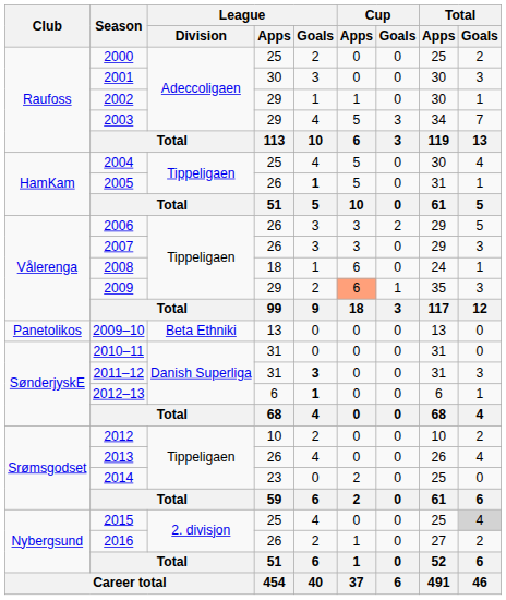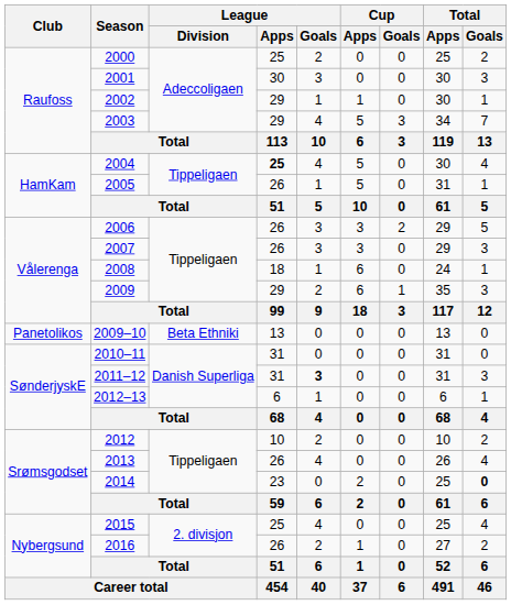 <table class="wikitable" style="text-align:center">
 <tr>
 <th rowspan="2">Club</th>
 <th rowspan="2">Season</th>
 <th colspan="3">League</th>
 <th colspan="2">Cup</th>
 <th colspan="2">Total</th>
 </tr>
 <tr>
 <th>Division</th>
 <th>Apps</th>
 <th>Goals</th>
 <th>Apps</th>
 <th>Goals</th>
 <th>Apps</th>
 <th>Goals</th>
 </tr>
 <tr>
 <td rowspan="5"><a href='#'>Raufoss</a></td>
 <td><a href='#'>2000</a></td>
 <td rowspan="4"><a href='#'>Adeccoligaen</a></td>
 <td>25</td>
 <td>2</td>
 <td>0</td>
 <td>0</td>
 <td>25</td>
 <td>2</td>
 </tr>
 <tr>
 <td><a href='#'>2001</a></td>
 <td>30</td>
 <td>3</td>
 <td>0</td>
 <td>0</td>
 <td>30</td>
 <td>3</td>
 </tr>
 <tr>
 <td><a href='#'>2002</a></td>
 <td>29</td>
 <td>1</td>
 <td>1</td>
 <td>0</td>
 <td>30</td>
 <td>1</td>
 </tr>
 <tr>
 <td><a href='#'>2003</a></td>
 <td>29</td>
 <td>4</td>
 <td>5</td>
 <td>3</td>
 <td>34</td>
 <td>7</td>
 </tr>
 <tr>
 <th colspan="2">Total</th>
 <th>113</th>
 <th>10</th>
 <th>6</th>
 <th>3</th>
 <th>119</th>
 <th>13</th>
 </tr>
 <tr>
 <td rowspan="3"><a href='#'>HamKam</a></td>
 <td><a href='#'>2004</a></td>
 <td rowspan="2"><a href='#'>Tippeligaen</a></td>
-<td>25</td>
+<td><strong>25</strong></td>
 <td>4</td>
 <td>5</td>
 <td>0</td>
 <td>30</td>
 <td>4</td>
 </tr>
 <tr>
 <td><a href='#'>2005</a></td>
 <td>26</td>
-<td><strong>1</strong></td>
+<td>1</td>
 <td>5</td>
 <td>0</td>
 <td>31</td>
 <td>1</td>
 </tr>
 <tr>
 <th colspan="2">Total</th>
 <th>51</th>
 <th>5</th>
 <th>10</th>
 <th>0</th>
 <th>61</th>
 <th>5</th>
 </tr>
 <tr>
 <td rowspan="5"><a href='#'>Vålerenga</a></td>
 <td><a href='#'>2006</a></td>
 <td rowspan="4">Tippeligaen</td>
 <td>26</td>
 <td>3</td>
 <td>3</td>
 <td>2</td>
 <td>29</td>
 <td>5</td>
 </tr>
 <tr>
 <td><a href='#'>2007</a></td>
 <td>26</td>
 <td>3</td>
 <td>3</td>
 <td>0</td>
 <td>29</td>
 <td>3</td>
 </tr>
 <tr>
 <td><a href='#'>2008</a></td>
 <td>18</td>
 <td>1</td>
 <td>6</td>
 <td>0</td>
 <td>24</td>
 <td>1</td>
 </tr>
 <tr>
 <td><a href='#'>2009</a></td>
 <td>29</td>
 <td>2</td>
-<td style="background: lightsalmon;">6</td>
+<td>6</td>
 <td>1</td>
 <td>35</td>
 <td>3</td>
 </tr>
 <tr>
 <th colspan="2">Total</th>
 <th>99</th>
 <th>9</th>
 <th>18</th>
 <th>3</th>
 <th>117</th>
 <th>12</th>
 </tr>
 <tr>
 <td><a href='#'>Panetolikos</a></td>
 <td><a href='#'>2009–10</a></td>
 <td><a href='#'>Beta Ethniki</a></td>
 <td>13</td>
 <td>0</td>
 <td>0</td>
 <td>0</td>
 <td>13</td>
 <td>0</td>
 </tr>
 <tr>
 <td rowspan="4"><a href='#'>SønderjyskE</a></td>
 <td><a href='#'>2010–11</a></td>
 <td rowspan="3"><a href='#'>Danish Superliga</a></td>
 <td>31</td>
 <td>0</td>
 <td>0</td>
 <td>0</td>
 <td>31</td>
 <td>0</td>
 </tr>
 <tr>
 <td><a href='#'>2011–12</a></td>
 <td>31</td>
 <td><strong>3</strong></td>
 <td>0</td>
 <td>0</td>
 <td>31</td>
 <td>3</td>
 </tr>
 <tr>
 <td><a href='#'>2012–13</a></td>
 <td>6</td>
-<td><strong>1</strong></td>
+<td>1</td>
 <td>0</td>
 <td>0</td>
 <td>6</td>
 <td>1</td>
 </tr>
 <tr>
 <th colspan="2">Total</th>
 <th>68</th>
 <th>4</th>
 <th>0</th>
 <th>0</th>
 <th>68</th>
 <th>4</th>
 </tr>
 <tr>
 <td rowspan="4"><a href='#'>Srømsgodset</a></td>
 <td><a href='#'>2012</a></td>
 <td rowspan="3">Tippeligaen</td>
 <td>10</td>
 <td>2</td>
 <td>0</td>
 <td>0</td>
 <td>10</td>
 <td>2</td>
 </tr>
 <tr>
 <td><a href='#'>2013</a></td>
 <td>26</td>
 <td>4</td>
 <td>0</td>
 <td>0</td>
 <td>26</td>
 <td>4</td>
 </tr>
 <tr>
 <td><a href='#'>2014</a></td>
 <td>23</td>
 <td>0</td>
 <td>2</td>
 <td>0</td>
 <td>25</td>
-<td>0</td>
+<td><strong>0</strong></td>
 </tr>
 <tr>
 <th colspan="2">Total</th>
 <th>59</th>
 <th>6</th>
 <th>2</th>
 <th>0</th>
 <th>61</th>
 <th>6</th>
 </tr>
 <tr>
 <td rowspan="3"><a href='#'>Nybergsund</a></td>
 <td><a href='#'>2015</a></td>
 <td rowspan="2"><a href='#'>2. divisjon</a></td>
 <td>25</td>
 <td>4</td>
 <td>0</td>
 <td>0</td>
 <td>25</td>
-<td style="background: lightgrey;">4</td>
+<td>4</td>
 </tr>
 <tr>
 <td><a href='#'>2016</a></td>
 <td>26</td>
 <td>2</td>
 <td>1</td>
 <td>0</td>
 <td>27</td>
 <td>2</td>
 </tr>
 <tr>
 <th colspan="2">Total</th>
 <th>51</th>
 <th>6</th>
 <th>1</th>
 <th>0</th>
 <th>52</th>
 <th>6</th>
 </tr>
 <tr>
 <th colspan="3">Career total</th>
 <th>454</th>
 <th>40</th>
 <th>37</th>
 <th>6</th>
 <th>491</th>
 <th>46</th>
 </tr>
 </table>
